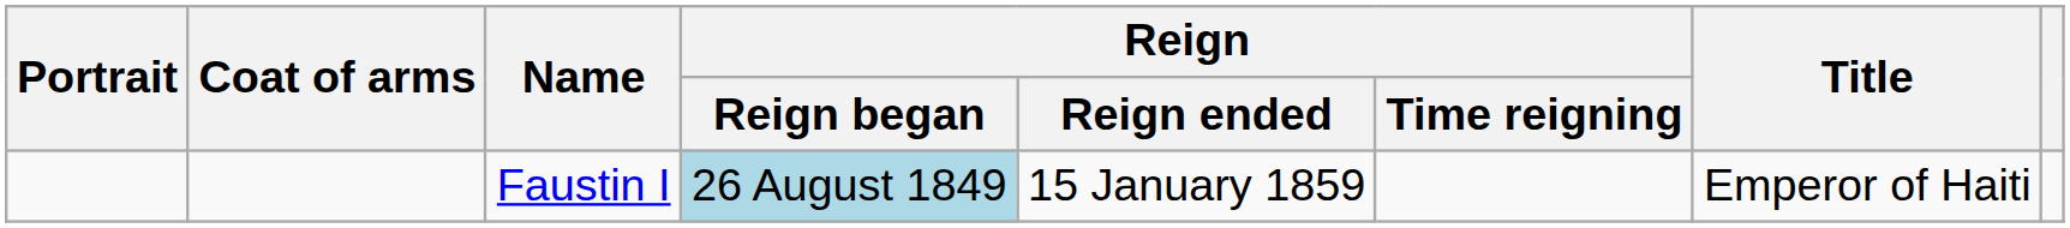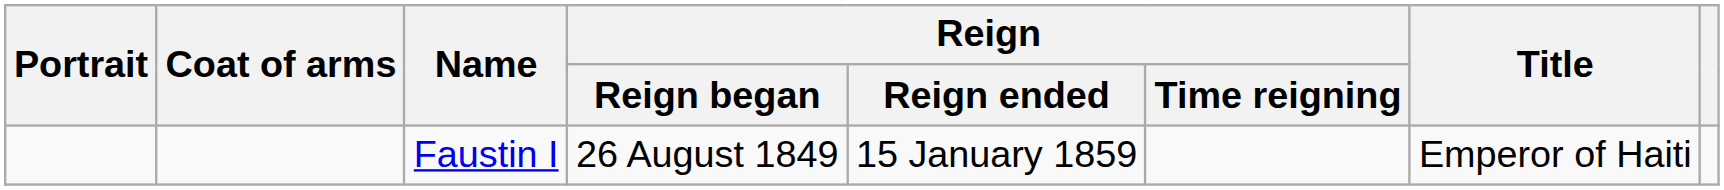 <table class="wikitable" style="text-align:center">
 <tr>
 <th rowspan=2>Portrait</th>
 <th rowspan=2>Coat of arms</th>
 <th rowspan=2>Name<br></th>
 <th colspan=3>Reign</th>
 <th rowspan=2>Title</th>
 <th rowspan=2></th>
 </tr>
 <tr>
 <th>Reign began</th>
 <th>Reign ended</th>
 <th>Time reigning</th>
 </tr>
 <tr>
 <td></td>
 <td></td>
 <td><a href='#'>Faustin I</a><br></td>
-<td style="background: lightblue;">26 August 1849</td>
+<td>26 August 1849</td>
 <td>15 January 1859</td>
 <td></td>
 <td>Emperor of Haiti<br></td>
 <td></td>
 </tr>
 </table>
